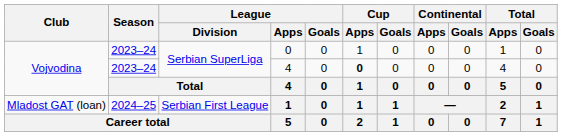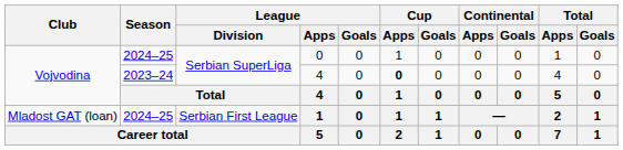 <table class="wikitable" style="text-align: center;font-size:90%">
 <tr>
 <th rowspan="2">Club</th>
 <th rowspan="2">Season</th>
 <th colspan="3">League</th>
 <th colspan="2">Cup</th>
 <th colspan="2">Continental</th>
 <th colspan="2">Total</th>
 </tr>
 <tr>
 <th>Division</th>
 <th>Apps</th>
 <th>Goals</th>
 <th>Apps</th>
 <th>Goals</th>
 <th>Apps</th>
 <th>Goals</th>
 <th>Apps</th>
 <th>Goals</th>
 </tr>
 <tr>
 <td rowspan="3"><a href='#'>Vojvodina</a></td>
-<td><a href='#'>2023–24</a></td>
+<td><a href='#'>2024–25</a></td>
 <td rowspan="2"><a href='#'>Serbian SuperLiga</a></td>
 <td>0</td>
 <td>0</td>
 <td>1</td>
 <td>0</td>
 <td>0</td>
 <td>0</td>
 <td>1</td>
 <td>0</td>
 </tr>
 <tr>
 <td><a href='#'>2023–24</a></td>
 <td>4</td>
 <td>0</td>
 <td><strong>0</strong></td>
 <td>0</td>
 <td>0</td>
 <td>0</td>
 <td>4</td>
 <td>0</td>
 </tr>
 <tr>
 <th colspan="2">Total</th>
 <th>4</th>
 <th>0</th>
 <th>1</th>
 <th>0</th>
 <th>0</th>
 <th>0</th>
 <th>5</th>
 <th>0</th>
 </tr>
 <tr>
 <td><a href='#'>Mladost GAT</a> (loan)</td>
 <td><a href='#'>2024–25</a></td>
 <td><a href='#'>Serbian First League</a></td>
 <th>1</th>
 <th>0</th>
 <th>1</th>
 <th>1</th>
 <th colspan="2">—</th>
 <th>2</th>
 <th>1</th>
 </tr>
 <tr>
 <th colspan="3">Career total</th>
 <th>5</th>
 <th>0</th>
 <th>2</th>
 <th>1</th>
 <th>0</th>
 <th>0</th>
 <th>7</th>
 <th>1</th>
 </tr>
 </table>
